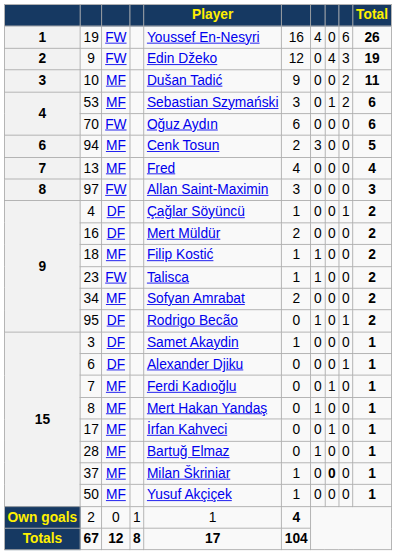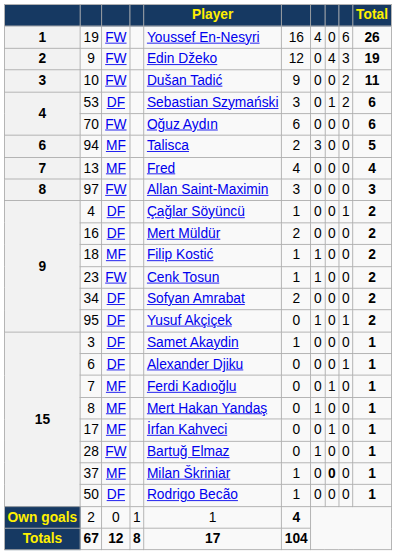 <table class="wikitable" style="text-align:center">
 <tr>
 <th style="background:#163962; color:#FFF000; "></th>
 <th style="background:#163962; color:#FFF000; "></th>
 <th style="background:#163962; color:#FFF000; "></th>
 <th style="background:#163962; color:#FFF000; "></th>
 <th style="background:#163962; color:#FFF000; ">Player</th>
 <th style="background:#163962; color:#FFF000; "></th>
 <th style="background:#163962; color:#FFF000; "></th>
 <th style="background:#163962; color:#FFF000; "></th>
 <th style="background:#163962; color:#FFF000; "></th>
 <th style="background:#163962; color:#FFF000; ">Total</th>
 </tr>
 <tr>
 <th>1</th>
 <td>19</td>
 <td><a href='#'>FW</a></td>
 <td></td>
 <td align=left><a href='#'>Youssef En-Nesyri</a></td>
 <td>16</td>
 <td>4</td>
 <td>0</td>
 <td>6</td>
 <td><strong>26</strong></td>
 </tr>
 <tr>
 <th>2</th>
 <td>9</td>
 <td><a href='#'>FW</a></td>
 <td></td>
 <td align=left><a href='#'>Edin Džeko</a></td>
 <td>12</td>
 <td>0</td>
 <td>4</td>
 <td>3</td>
 <td><strong>19</strong></td>
 </tr>
 <tr>
 <th>3</th>
 <td>10</td>
-<td><a href='#'>MF</a></td>
+<td><a href='#'>FW</a></td>
 <td></td>
 <td align=left><a href='#'>Dušan Tadić</a></td>
 <td>9</td>
 <td>0</td>
 <td>0</td>
 <td>2</td>
 <td><strong>11</strong></td>
 </tr>
 <tr>
 <th rowspan="2">4</th>
 <td>53</td>
-<td><a href='#'>MF</a></td>
+<td><a href='#'>DF</a></td>
 <td></td>
 <td align=left><a href='#'>Sebastian Szymański</a></td>
 <td>3</td>
 <td>0</td>
 <td>1</td>
 <td>2</td>
 <td><strong>6</strong></td>
 </tr>
 <tr>
 <td>70</td>
 <td><a href='#'>FW</a></td>
 <td></td>
 <td align=left><a href='#'>Oğuz Aydın</a></td>
 <td>6</td>
 <td>0</td>
 <td>0</td>
 <td>0</td>
 <td><strong>6</strong></td>
 </tr>
 <tr>
 <th>6</th>
 <td>94</td>
 <td><a href='#'>MF</a></td>
 <td></td>
-<td align=left><a href='#'>Cenk Tosun</a></td>
+<td align=left><a href='#'>Talisca</a></td>
 <td>2</td>
 <td>3</td>
 <td>0</td>
 <td>0</td>
 <td><strong>5</strong></td>
 </tr>
 <tr>
 <th>7</th>
 <td>13</td>
 <td><a href='#'>MF</a></td>
 <td></td>
 <td align=left><a href='#'>Fred</a></td>
 <td>4</td>
 <td>0</td>
 <td>0</td>
 <td>0</td>
 <td><strong>4</strong></td>
 </tr>
 <tr>
 <th>8</th>
 <td>97</td>
 <td><a href='#'>FW</a></td>
 <td></td>
 <td align=left><a href='#'>Allan Saint-Maximin</a></td>
 <td>3</td>
 <td>0</td>
 <td>0</td>
 <td>0</td>
 <td><strong>3</strong></td>
 </tr>
 <tr>
 <th rowspan="6">9</th>
 <td>4</td>
 <td><a href='#'>DF</a></td>
 <td></td>
 <td align=left><a href='#'>Çağlar Söyüncü</a></td>
 <td>1</td>
 <td>0</td>
 <td>0</td>
 <td>1</td>
 <td><strong>2</strong></td>
 </tr>
 <tr>
 <td>16</td>
 <td><a href='#'>DF</a></td>
 <td></td>
 <td align=left><a href='#'>Mert Müldür</a></td>
 <td>2</td>
 <td>0</td>
 <td>0</td>
 <td>0</td>
 <td><strong>2</strong></td>
 </tr>
 <tr>
 <td>18</td>
 <td><a href='#'>MF</a></td>
 <td></td>
 <td align=left><a href='#'>Filip Kostić</a></td>
 <td>1</td>
 <td>1</td>
 <td>0</td>
 <td>0</td>
 <td><strong>2</strong></td>
 </tr>
 <tr>
 <td>23</td>
 <td><a href='#'>FW</a></td>
 <td></td>
-<td align=left><a href='#'>Talisca</a></td>
+<td align=left><a href='#'>Cenk Tosun</a></td>
 <td>1</td>
 <td>1</td>
 <td>0</td>
 <td>0</td>
 <td><strong>2</strong></td>
 </tr>
 <tr>
 <td>34</td>
-<td><a href='#'>MF</a></td>
+<td><a href='#'>DF</a></td>
 <td></td>
 <td align=left><a href='#'>Sofyan Amrabat</a></td>
 <td>2</td>
 <td>0</td>
 <td>0</td>
 <td>0</td>
 <td><strong>2</strong></td>
 </tr>
 <tr>
 <td>95</td>
 <td><a href='#'>DF</a></td>
 <td></td>
-<td align=left><a href='#'>Rodrigo Becão</a></td>
+<td align=left><a href='#'>Yusuf Akçiçek</a></td>
 <td>0</td>
 <td>1</td>
 <td>0</td>
 <td>1</td>
 <td><strong>2</strong></td>
 </tr>
 <tr>
 <th rowspan="8">15</th>
 <td>3</td>
 <td><a href='#'>DF</a></td>
 <td></td>
 <td align=left><a href='#'>Samet Akaydin</a></td>
 <td>1</td>
 <td>0</td>
 <td>0</td>
 <td>0</td>
 <td><strong>1</strong></td>
 </tr>
 <tr>
 <td>6</td>
 <td><a href='#'>DF</a></td>
 <td></td>
 <td align=left><a href='#'>Alexander Djiku</a></td>
 <td>0</td>
 <td>0</td>
 <td>0</td>
 <td>1</td>
 <td><strong>1</strong></td>
 </tr>
 <tr>
 <td>7</td>
 <td><a href='#'>MF</a></td>
 <td></td>
 <td align=left><a href='#'>Ferdi Kadıoğlu</a></td>
 <td>0</td>
 <td>0</td>
 <td>1</td>
 <td>0</td>
 <td><strong>1</strong></td>
 </tr>
 <tr>
 <td>8</td>
 <td><a href='#'>MF</a></td>
 <td></td>
 <td align=left><a href='#'>Mert Hakan Yandaş</a></td>
 <td>0</td>
 <td>1</td>
 <td>0</td>
 <td>0</td>
 <td><strong>1</strong></td>
 </tr>
 <tr>
 <td>17</td>
 <td><a href='#'>MF</a></td>
 <td></td>
 <td align=left><a href='#'>İrfan Kahveci</a></td>
 <td>0</td>
 <td>0</td>
 <td>1</td>
 <td>0</td>
 <td><strong>1</strong></td>
 </tr>
 <tr>
 <td>28</td>
-<td><a href='#'>MF</a></td>
+<td><a href='#'>FW</a></td>
 <td></td>
 <td align=left><a href='#'>Bartuğ Elmaz</a></td>
 <td>0</td>
 <td>1</td>
 <td>0</td>
 <td>0</td>
 <td><strong>1</strong></td>
 </tr>
 <tr>
 <td>37</td>
 <td><a href='#'>MF</a></td>
 <td></td>
 <td align=left><a href='#'>Milan Škriniar</a></td>
 <td>1</td>
 <td>0</td>
 <td><strong>0</strong></td>
 <td>0</td>
 <td><strong>1</strong></td>
 </tr>
 <tr>
 <td>50</td>
-<td><a href='#'>MF</a></td>
+<td><a href='#'>DF</a></td>
 <td></td>
-<td align=left><a href='#'>Yusuf Akçiçek</a></td>
+<td align=left><a href='#'>Rodrigo Becão</a></td>
 <td>1</td>
 <td>0</td>
 <td>0</td>
 <td>0</td>
 <td><strong>1</strong></td>
 </tr>
 <tr>
 <td style="background:#163962; color:#FFF000; "><strong>Own goals</strong></td>
 <td>2</td>
 <td>0</td>
 <td>1</td>
 <td>1</td>
 <td><strong>4</strong></td>
 </tr>
 <tr>
 <td style="background:#163962; color:#FFF000; "><strong>Totals</strong></td>
 <td><strong>67</strong></td>
 <td><strong>12</strong></td>
 <td><strong>8</strong></td>
 <td><strong>17</strong></td>
 <td><strong>104</strong></td>
 </tr>
 </table>
